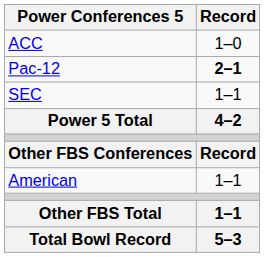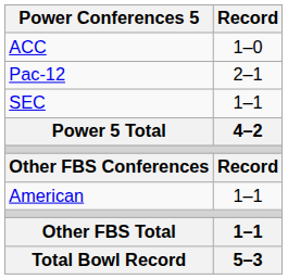 <table class="wikitable">
 <tr>
 <th>Power Conferences 5</th>
 <th>Record</th>
 </tr>
 <tr>
 <td><a href='#'>ACC</a></td>
 <td align=center>1–0</td>
 </tr>
 <tr>
 <td><a href='#'>Pac-12</a></td>
-<td align=center><strong>2–1</strong></td>
+<td align=center>2–1</td>
 </tr>
 <tr>
 <td><a href='#'>SEC</a></td>
 <td align=center>1–1</td>
 </tr>
 <tr>
 <th>Power 5 Total</th>
 <th>4–2</th>
 </tr>
 <tr>
 <th colspan="2" style="background:lightgrey;"></th>
 </tr>
 <tr>
 <th>Other FBS Conferences</th>
 <th>Record</th>
 </tr>
 <tr>
 <td><a href='#'>American</a></td>
 <td align=center>1–1</td>
 </tr>
 <tr>
 <th colspan="2" style="background:lightgrey;"></th>
 </tr>
 <tr>
 <th>Other FBS Total</th>
 <th>1–1</th>
 </tr>
 <tr>
 <th>Total Bowl Record</th>
 <th>5–3</th>
 </tr>
 </table>
